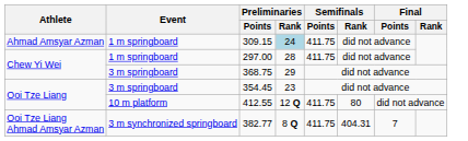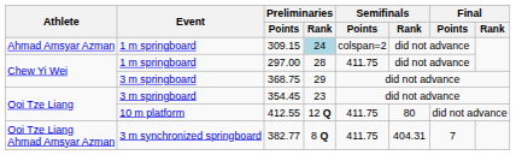 <table class=wikitable style="font-size:90%;">
 <tr>
 <th rowspan="2">Athlete</th>
 <th rowspan="2">Event</th>
 <th colspan="2">Preliminaries</th>
 <th colspan="2">Semifinals</th>
 <th colspan="2">Final</th>
 </tr>
 <tr style="font-size:95%">
 <th>Points</th>
 <th>Rank</th>
 <th>Points</th>
 <th>Rank</th>
 <th>Points</th>
 <th>Rank</th>
 </tr>
 <tr align=center>
 <td align=left><a href='#'>Ahmad Amsyar Azman</a></td>
 <td align=left><a href='#'>1 m springboard</a></td>
 <td>309.15</td>
 <td style="background: lightblue;">24</td>
-<td>411.75</td>
+<td>colspan=2 </td>
 <td colspan=2>did not advance</td>
 </tr>
 <tr align=center>
 <td align=left rowspan=2><a href='#'>Chew Yi Wei</a></td>
 <td align=left><a href='#'>1 m springboard</a></td>
 <td>297.00</td>
 <td>28</td>
 <td>411.75</td>
 <td colspan=2>did not advance</td>
 </tr>
 <tr align=center>
 <td align=left><a href='#'>3 m springboard</a></td>
 <td>368.75</td>
 <td>29</td>
 <td colspan=4>did not advance</td>
 </tr>
 <tr align=center>
 <td align=left rowspan=2><a href='#'>Ooi Tze Liang</a></td>
 <td align=left><a href='#'>3 m springboard</a></td>
 <td>354.45</td>
 <td>23</td>
 <td colspan=4>did not advance</td>
 </tr>
 <tr align=center>
 <td align=left><a href='#'>10 m platform</a></td>
 <td>412.55</td>
 <td>12 <strong>Q</strong></td>
 <td>411.75</td>
 <td>80</td>
 <td colspan=2>did not advance</td>
 </tr>
 <tr align=center>
 <td align=left><a href='#'>Ooi Tze Liang</a><br><a href='#'>Ahmad Amsyar Azman</a></td>
 <td align=left><a href='#'>3 m synchronized springboard</a></td>
 <td>382.77</td>
 <td>8 <strong>Q</strong></td>
 <td>411.75</td>
 <td>404.31</td>
 <td>7</td>
 </tr>
 </table>
